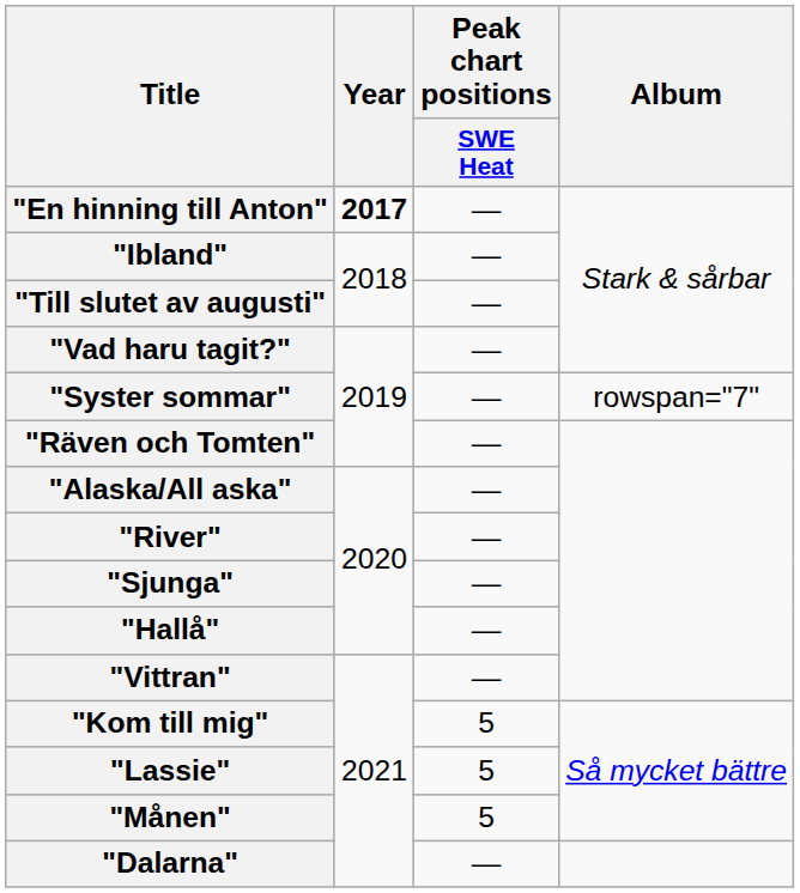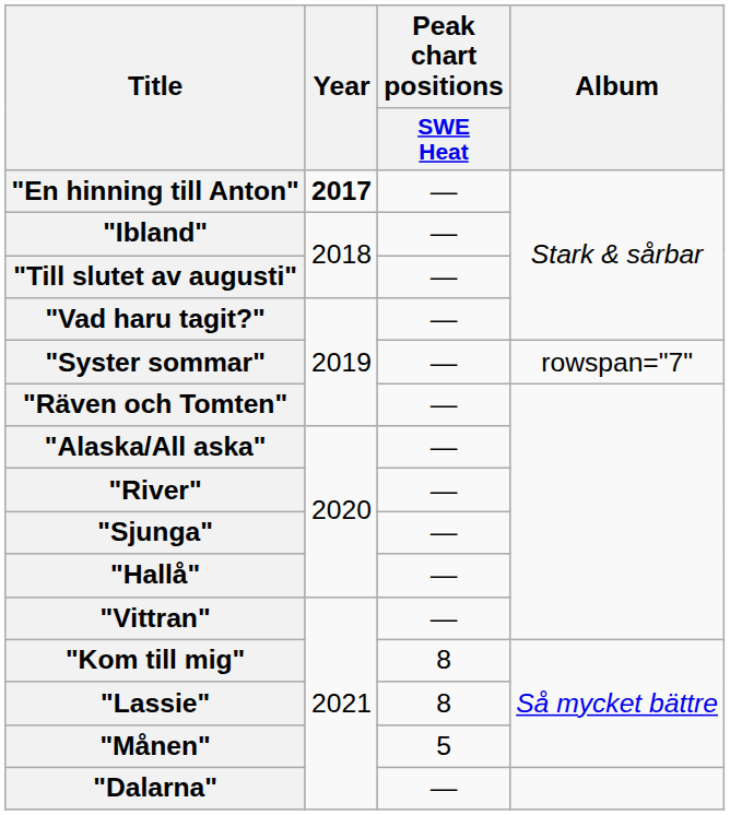 <table class="wikitable plainrowheaders" style="text-align:center;">
 <tr>
 <th scope="col" rowspan="2">Title</th>
 <th scope="col" rowspan="2">Year</th>
 <th scope="col" colspan="1">Peak chart positions</th>
 <th scope="col" rowspan="2">Album</th>
 </tr>
 <tr>
 <th scope="col" style="width:3em;font-size:85%;"><a href='#'>SWE<br>Heat</a></th>
 </tr>
 <tr>
 <th scope="row">"En hinning till Anton"</th>
 <td><strong>2017</strong></td>
 <td>—</td>
 <td rowspan="4"><em>Stark & sårbar</em></td>
 </tr>
 <tr>
 <th scope="row">"Ibland"</th>
 <td rowspan="2">2018</td>
 <td>—</td>
 </tr>
 <tr>
 <th scope="row">"Till slutet av augusti"</th>
 <td>—</td>
 </tr>
 <tr>
 <th scope="row">"Vad haru tagit?"</th>
 <td rowspan="3">2019</td>
 <td>—</td>
 </tr>
 <tr>
 <th scope="row">"Syster sommar"</th>
 <td>—</td>
 <td>rowspan="7"</td>
 </tr>
 <tr>
 <th scope="row">"Räven och Tomten"<br></th>
 <td>—</td>
 </tr>
 <tr>
 <th scope="row">"Alaska/All aska"</th>
 <td rowspan="4">2020</td>
 <td>—</td>
 </tr>
 <tr>
 <th scope="row">"River"</th>
 <td>—</td>
 </tr>
 <tr>
 <th scope="row">"Sjunga"</th>
 <td>—</td>
 </tr>
 <tr>
 <th scope="row">"Hallå"</th>
 <td>—</td>
 </tr>
 <tr>
 <th scope="row">"Vittran"<br></th>
 <td rowspan="5">2021</td>
 <td>—</td>
 </tr>
 <tr>
 <th scope="row">"Kom till mig"</th>
-<td>5<br></td>
+<td>8<br></td>
 <td rowspan="3"><em><a href='#'>Så mycket bättre</a></em></td>
 </tr>
 <tr>
 <th scope="row">"Lassie"<br></th>
-<td>5<br></td>
+<td>8<br></td>
 </tr>
 <tr>
 <th scope="row">"Månen"</th>
 <td>5<br></td>
 </tr>
 <tr>
 <th scope="row">"Dalarna"</th>
 <td>—</td>
 <td></td>
 </tr>
 </table>
